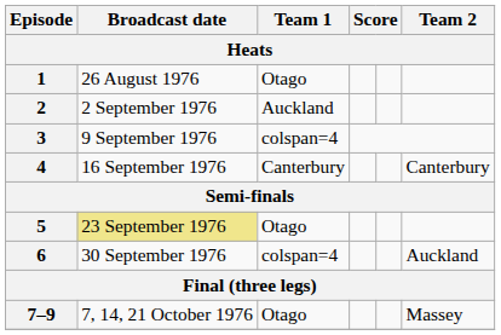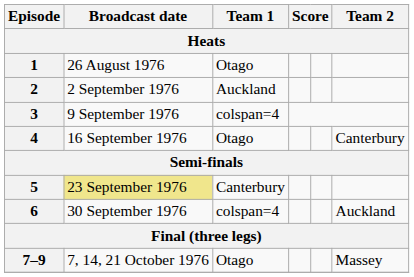 <table class="wikitable">
 <tr>
 <th>Episode</th>
 <th>Broadcast date</th>
 <th>Team 1</th>
 <th colspan=2>Score</th>
 <th>Team 2</th>
 </tr>
 <tr>
 <th colspan=6>Heats</th>
 </tr>
 <tr>
 <th>1</th>
 <td>26 August 1976</td>
 <td>Otago</td>
 <td></td>
 <td></td>
 <td></td>
 </tr>
 <tr>
 <th>2</th>
 <td>2 September 1976</td>
 <td>Auckland</td>
 <td></td>
 <td></td>
 <td></td>
 </tr>
 <tr>
 <th>3</th>
 <td>9 September 1976</td>
 <td>colspan=4  </td>
 </tr>
 <tr>
 <th>4</th>
 <td>16 September 1976</td>
-<td>Canterbury</td>
+<td>Otago</td>
 <td></td>
 <td></td>
 <td>Canterbury</td>
 </tr>
 <tr>
 <th colspan=6>Semi-finals</th>
 </tr>
 <tr>
 <th>5</th>
 <td style="background: khaki;">23 September 1976</td>
-<td>Otago</td>
+<td>Canterbury</td>
 <td></td>
 <td></td>
 <td></td>
 </tr>
 <tr>
 <th>6</th>
 <td>30 September 1976</td>
 <td>colspan=4  </td>
 <td></td>
 <td></td>
 <td>Auckland</td>
 </tr>
 <tr>
 <th colspan=6>Final (three legs)</th>
 </tr>
 <tr>
 <th>7–9</th>
 <td>7, 14, 21 October 1976</td>
 <td>Otago</td>
 <td></td>
 <td></td>
 <td>Massey</td>
 </tr>
 <tr>
 </tr>
 </table>
